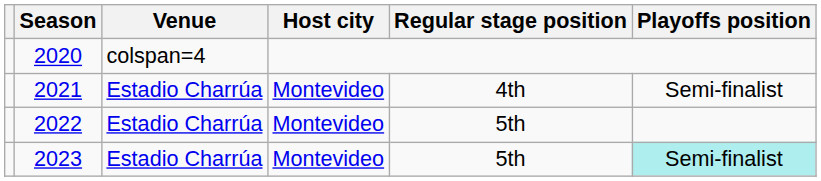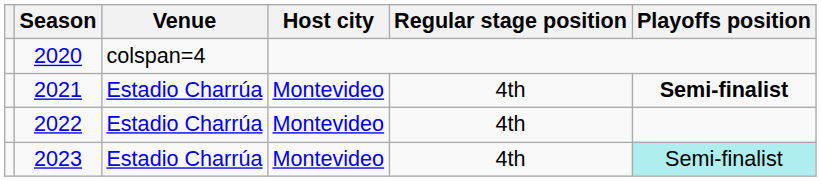 <table class="wikitable plainrowheaders sortable">
 <tr>
 <th scope="col"></th>
 <th scope="col">Season</th>
 <th scope="col">Venue</th>
 <th scope="col">Host city</th>
 <th scope="col">Regular stage position</th>
 <th scope="col">Playoffs position</th>
 </tr>
 <tr>
 <td></td>
 <td scope="row" style="text-align:center"><a href='#'>2020</a></td>
 <td>colspan=4 </td>
 </tr>
 <tr>
 <td></td>
 <td scope="row" style="text-align:center"><a href='#'>2021</a></td>
 <td><a href='#'>Estadio Charrúa</a></td>
 <td><a href='#'>Montevideo</a></td>
 <td align=center>4th</td>
-<td align=center>Semi-finalist</td>
+<td align=center><strong>Semi-finalist</strong></td>
 </tr>
 <tr>
 <td></td>
 <td scope="row" style="text-align:center"><a href='#'>2022</a></td>
 <td><a href='#'>Estadio Charrúa</a></td>
 <td><a href='#'>Montevideo</a></td>
-<td align=center>5th</td>
+<td align=center>4th</td>
 <td></td>
 </tr>
 <tr>
 <td></td>
 <td scope="row" style="text-align:center"><a href='#'>2023</a></td>
 <td><a href='#'>Estadio Charrúa</a></td>
 <td><a href='#'>Montevideo</a></td>
-<td align=center>5th</td>
+<td align=center>4th</td>
 <td align=center style="background: paleturquoise;">Semi-finalist</td>
 </tr>
 </table>
